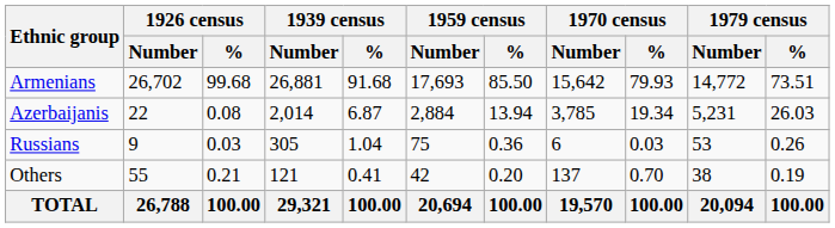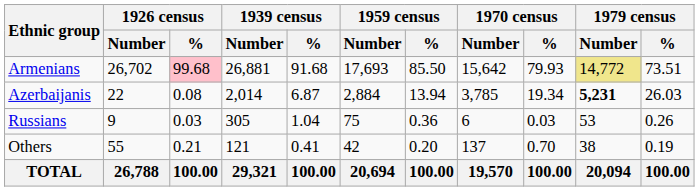 <table class="wikitable sortable">
 <tr>
 <th rowspan="2">Ethnic group</th>
 <th colspan="2">1926 census</th>
 <th colspan="2">1939 census</th>
 <th colspan="2">1959 census</th>
 <th colspan="2">1970 census</th>
 <th colspan="2">1979 census</th>
 </tr>
 <tr>
 <th>Number</th>
 <th>%</th>
 <th>Number</th>
 <th>%</th>
 <th>Number</th>
 <th>%</th>
 <th>Number</th>
 <th>%</th>
 <th>Number</th>
 <th>%</th>
 </tr>
 <tr>
 <td><a href='#'>Armenians</a></td>
 <td>26,702</td>
-<td>99.68</td>
+<td style="background: pink;">99.68</td>
 <td>26,881</td>
 <td>91.68 </td>
 <td>17,693</td>
 <td>85.50 </td>
 <td>15,642</td>
 <td>79.93 </td>
-<td>14,772</td>
+<td style="background: khaki;">14,772</td>
 <td>73.51 </td>
 </tr>
 <tr>
 <td><a href='#'>Azerbaijanis</a></td>
 <td>22</td>
 <td>0.08</td>
 <td>2,014</td>
 <td>6.87 </td>
 <td>2,884</td>
 <td>13.94 </td>
 <td>3,785</td>
 <td>19.34 </td>
-<td>5,231</td>
+<td><strong>5,231</strong></td>
 <td>26.03 </td>
 </tr>
 <tr>
 <td><a href='#'>Russians</a></td>
 <td>9</td>
 <td>0.03</td>
 <td>305</td>
 <td>1.04 </td>
 <td>75</td>
 <td>0.36 </td>
 <td>6</td>
 <td>0.03 </td>
 <td>53</td>
 <td>0.26 </td>
 </tr>
 <tr>
 <td>Others</td>
 <td>55</td>
 <td>0.21</td>
 <td>121</td>
 <td>0.41 </td>
 <td>42</td>
 <td>0.20  </td>
 <td>137</td>
 <td>0.70 </td>
 <td>38</td>
 <td>0.19 </td>
 </tr>
 <tr>
 <th>TOTAL</th>
 <th>26,788</th>
 <th>100.00</th>
 <th>29,321</th>
 <th>100.00</th>
 <th>20,694</th>
 <th>100.00</th>
 <th>19,570</th>
 <th>100.00</th>
 <th>20,094</th>
 <th>100.00</th>
 </tr>
 </table>
